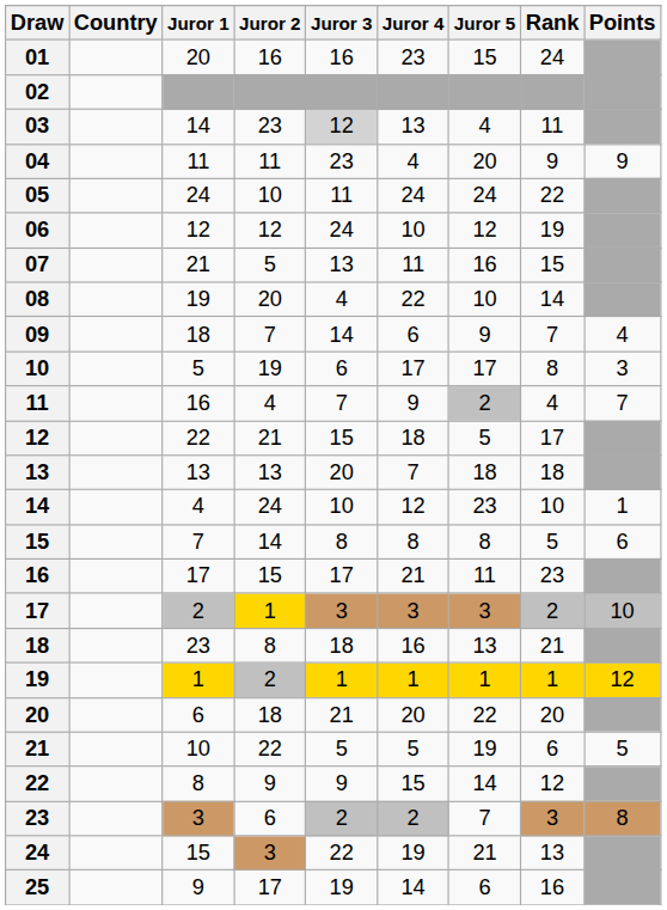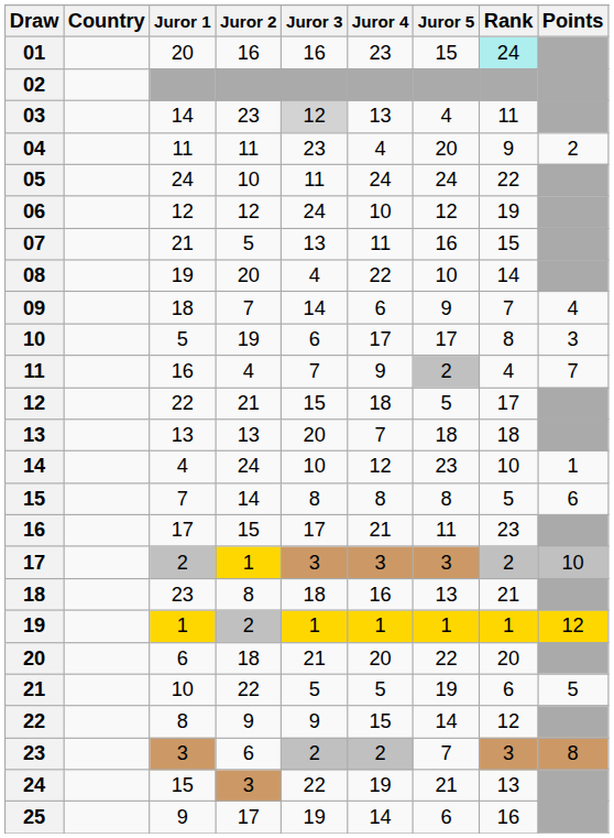 <table class="sortable wikitable collapsible plainrowheaders" style="text-align:center;">
 <tr>
 </tr>
 <tr>
 <th scope="col">Draw</th>
 <th scope="col">Country</th>
 <th scope="col"><small>Juror 1</small></th>
 <th scope="col"><small>Juror 2</small></th>
 <th scope="col"><small>Juror 3</small></th>
 <th scope="col"><small>Juror 4</small></th>
 <th scope="col"><small>Juror 5</small></th>
 <th scope="col">Rank</th>
 <th scope="col">Points</th>
 </tr>
 <tr>
 <th scope="row" style="text-align:center;">01</th>
 <td style="text-align:left;"></td>
 <td>20</td>
 <td>16</td>
 <td>16</td>
 <td>23</td>
 <td>15</td>
-<td>24</td>
+<td style="background: paleturquoise;">24</td>
 <td style="background:#AAAAAA;"></td>
 </tr>
 <tr>
 <th scope="row" style="text-align:center;">02</th>
 <td style="text-align:left;"></td>
 <td style="background:#AAAAAA;"></td>
 <td style="background:#AAAAAA;"></td>
 <td style="background:#AAAAAA;"></td>
 <td style="background:#AAAAAA;"></td>
 <td style="background:#AAAAAA;"></td>
 <td style="background:#AAAAAA;"></td>
 <td style="background:#AAAAAA;"></td>
 </tr>
 <tr>
 <th scope="row" style="text-align:center;">03</th>
 <td style="text-align:left;"></td>
 <td>14</td>
 <td>23</td>
 <td style="background: lightgrey;">12</td>
 <td>13</td>
 <td>4</td>
 <td>11</td>
 <td style="background:#AAAAAA;"></td>
 </tr>
 <tr>
 <th scope="row" style="text-align:center;">04</th>
 <td style="text-align:left;"></td>
 <td>11</td>
 <td>11</td>
 <td>23</td>
 <td>4</td>
 <td>20</td>
 <td>9</td>
-<td>9</td>
+<td>2</td>
 </tr>
 <tr>
 <th scope="row" style="text-align:center;">05</th>
 <td style="text-align:left;"></td>
 <td>24</td>
 <td>10</td>
 <td>11</td>
 <td>24</td>
 <td>24</td>
 <td>22</td>
 <td style="background:#AAAAAA;"></td>
 </tr>
 <tr>
 <th scope="row" style="text-align:center;">06</th>
 <td style="text-align:left;"></td>
 <td>12</td>
 <td>12</td>
 <td>24</td>
 <td>10</td>
 <td>12</td>
 <td>19</td>
 <td style="background:#AAAAAA;"></td>
 </tr>
 <tr>
 <th scope="row" style="text-align:center;">07</th>
 <td style="text-align:left;"></td>
 <td>21</td>
 <td>5</td>
 <td>13</td>
 <td>11</td>
 <td>16</td>
 <td>15</td>
 <td style="background:#AAAAAA;"></td>
 </tr>
 <tr>
 <th scope="row" style="text-align:center;">08</th>
 <td style="text-align:left;"></td>
 <td>19</td>
 <td>20</td>
 <td>4</td>
 <td>22</td>
 <td>10</td>
 <td>14</td>
 <td style="background:#AAAAAA;"></td>
 </tr>
 <tr>
 <th scope="row" style="text-align:center;">09</th>
 <td style="text-align:left;"></td>
 <td>18</td>
 <td>7</td>
 <td>14</td>
 <td>6</td>
 <td>9</td>
 <td>7</td>
 <td>4</td>
 </tr>
 <tr>
 <th scope="row" style="text-align:center;">10</th>
 <td style="text-align:left;"></td>
 <td>5</td>
 <td>19</td>
 <td>6</td>
 <td>17</td>
 <td>17</td>
 <td>8</td>
 <td>3</td>
 </tr>
 <tr>
 <th scope="row" style="text-align:center;">11</th>
 <td style="text-align:left;"></td>
 <td>16</td>
 <td>4</td>
 <td>7</td>
 <td>9</td>
 <td style="background:silver;">2</td>
 <td>4</td>
 <td>7</td>
 </tr>
 <tr>
 <th scope="row" style="text-align:center;">12</th>
 <td style="text-align:left;"></td>
 <td>22</td>
 <td>21</td>
 <td>15</td>
 <td>18</td>
 <td>5</td>
 <td>17</td>
 <td style="background:#AAAAAA;"></td>
 </tr>
 <tr>
 <th scope="row" style="text-align:center;">13</th>
 <td style="text-align:left;"></td>
 <td>13</td>
 <td>13</td>
 <td>20</td>
 <td>7</td>
 <td>18</td>
 <td>18</td>
 <td style="background:#AAAAAA;"></td>
 </tr>
 <tr>
 <th scope="row" style="text-align:center;">14</th>
 <td style="text-align:left;"></td>
 <td>4</td>
 <td>24</td>
 <td>10</td>
 <td>12</td>
 <td>23</td>
 <td>10</td>
 <td>1</td>
 </tr>
 <tr>
 <th scope="row" style="text-align:center;">15</th>
 <td style="text-align:left;"></td>
 <td>7</td>
 <td>14</td>
 <td>8</td>
 <td>8</td>
 <td>8</td>
 <td>5</td>
 <td>6</td>
 </tr>
 <tr>
 <th scope="row" style="text-align:center;">16</th>
 <td style="text-align:left;"></td>
 <td>17</td>
 <td>15</td>
 <td>17</td>
 <td>21</td>
 <td>11</td>
 <td>23</td>
 <td style="background:#AAAAAA;"></td>
 </tr>
 <tr>
 <th scope="row" style="text-align:center;">17</th>
 <td style="text-align:left;"></td>
 <td style="background:silver;">2</td>
 <td style="background:gold;">1</td>
 <td style="background:#CC9966;">3</td>
 <td style="background:#CC9966;">3</td>
 <td style="background:#CC9966;">3</td>
 <td style="background:silver;">2</td>
 <td style="background:silver;">10</td>
 </tr>
 <tr>
 <th scope="row" style="text-align:center;">18</th>
 <td style="text-align:left;"></td>
 <td>23</td>
 <td>8</td>
 <td>18</td>
 <td>16</td>
 <td>13</td>
 <td>21</td>
 <td style="background:#AAAAAA;"></td>
 </tr>
 <tr>
 <th scope="row" style="text-align:center;">19</th>
 <td style="text-align:left;"></td>
 <td style="background:gold;">1</td>
 <td style="background:silver;">2</td>
 <td style="background:gold;">1</td>
 <td style="background:gold;">1</td>
 <td style="background:gold;">1</td>
 <td style="background:gold;">1</td>
 <td style="background:gold;">12</td>
 </tr>
 <tr>
 <th scope="row" style="text-align:center;">20</th>
 <td style="text-align:left;"></td>
 <td>6</td>
 <td>18</td>
 <td>21</td>
 <td>20</td>
 <td>22</td>
 <td>20</td>
 <td style="background:#AAAAAA;"></td>
 </tr>
 <tr>
 <th scope="row" style="text-align:center;">21</th>
 <td style="text-align:left;"></td>
 <td>10</td>
 <td>22</td>
 <td>5</td>
 <td>5</td>
 <td>19</td>
 <td>6</td>
 <td>5</td>
 </tr>
 <tr>
 <th scope="row" style="text-align:center;">22</th>
 <td style="text-align:left;"></td>
 <td>8</td>
 <td>9</td>
 <td>9</td>
 <td>15</td>
 <td>14</td>
 <td>12</td>
 <td style="background:#AAAAAA;"></td>
 </tr>
 <tr>
 <th scope="row" style="text-align:center;">23</th>
 <td style="text-align:left;"></td>
 <td style="background:#CC9966;">3</td>
 <td>6</td>
 <td style="background:silver;">2</td>
 <td style="background:silver;">2</td>
 <td>7</td>
 <td style="background:#CC9966;">3</td>
 <td style="background:#CC9966;">8</td>
 </tr>
 <tr>
 <th scope="row" style="text-align:center;">24</th>
 <td style="text-align:left;"></td>
 <td>15</td>
 <td style="background:#CC9966;">3</td>
 <td>22</td>
 <td>19</td>
 <td>21</td>
 <td>13</td>
 <td style="background:#AAAAAA;"></td>
 </tr>
 <tr>
 <th scope="row" style="text-align:center;">25</th>
 <td style="text-align:left;"></td>
 <td>9</td>
 <td>17</td>
 <td>19</td>
 <td>14</td>
 <td>6</td>
 <td>16</td>
 <td style="background:#AAAAAA;"></td>
 </tr>
 </table>
